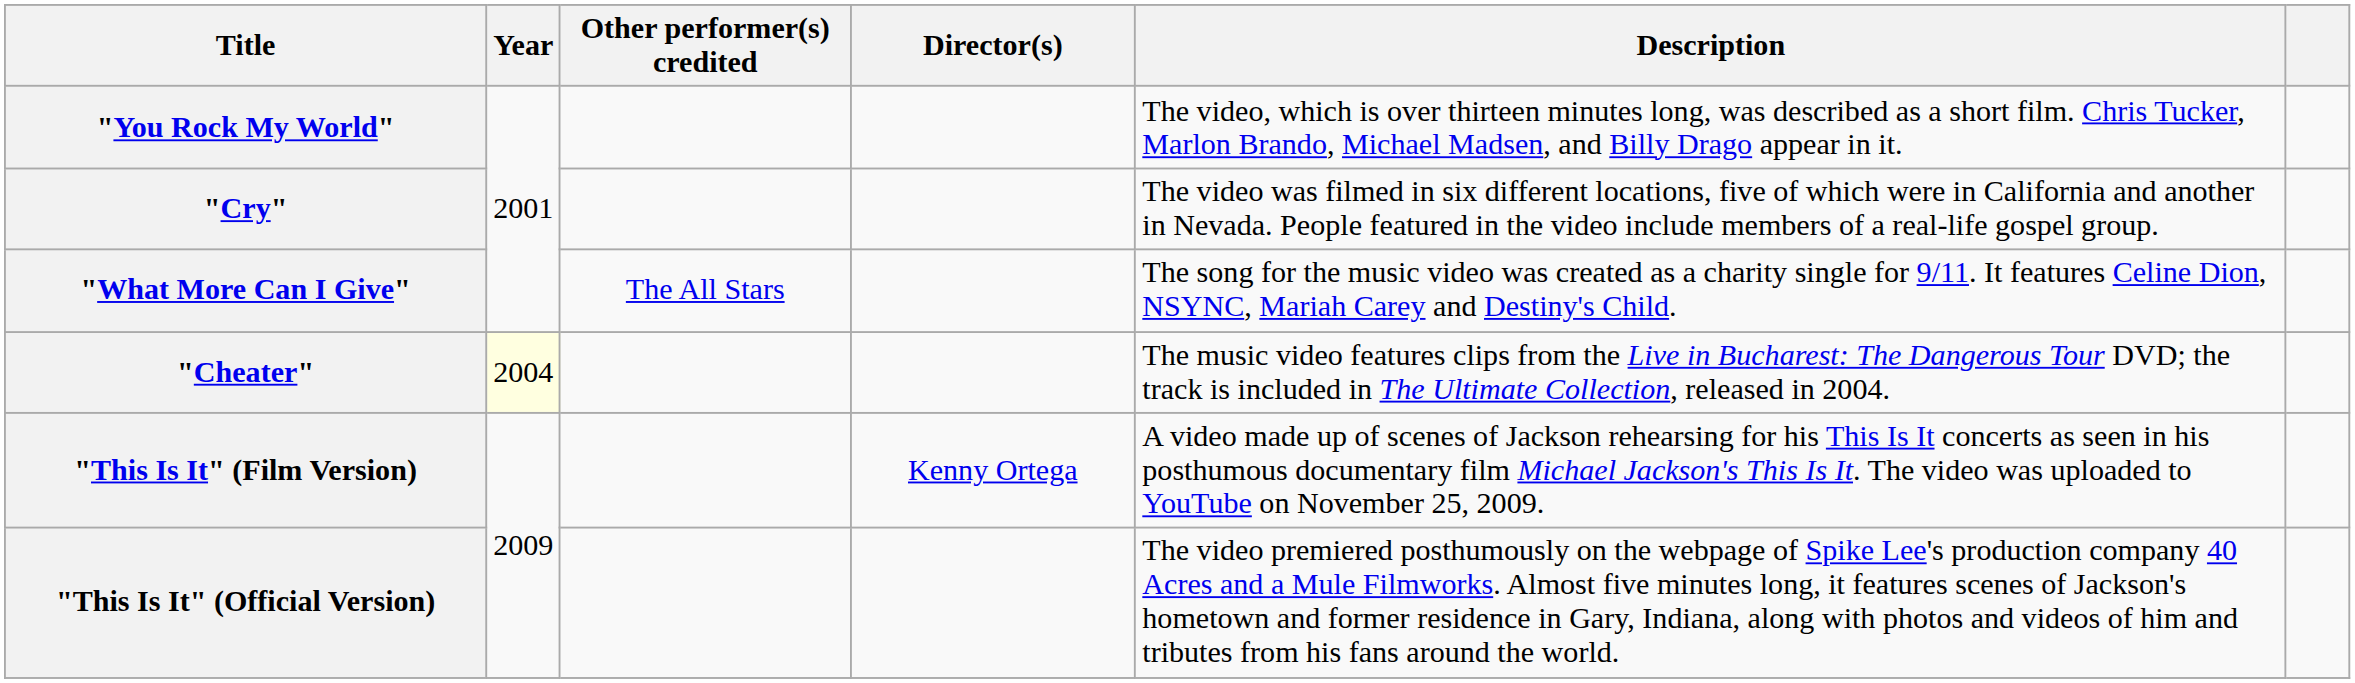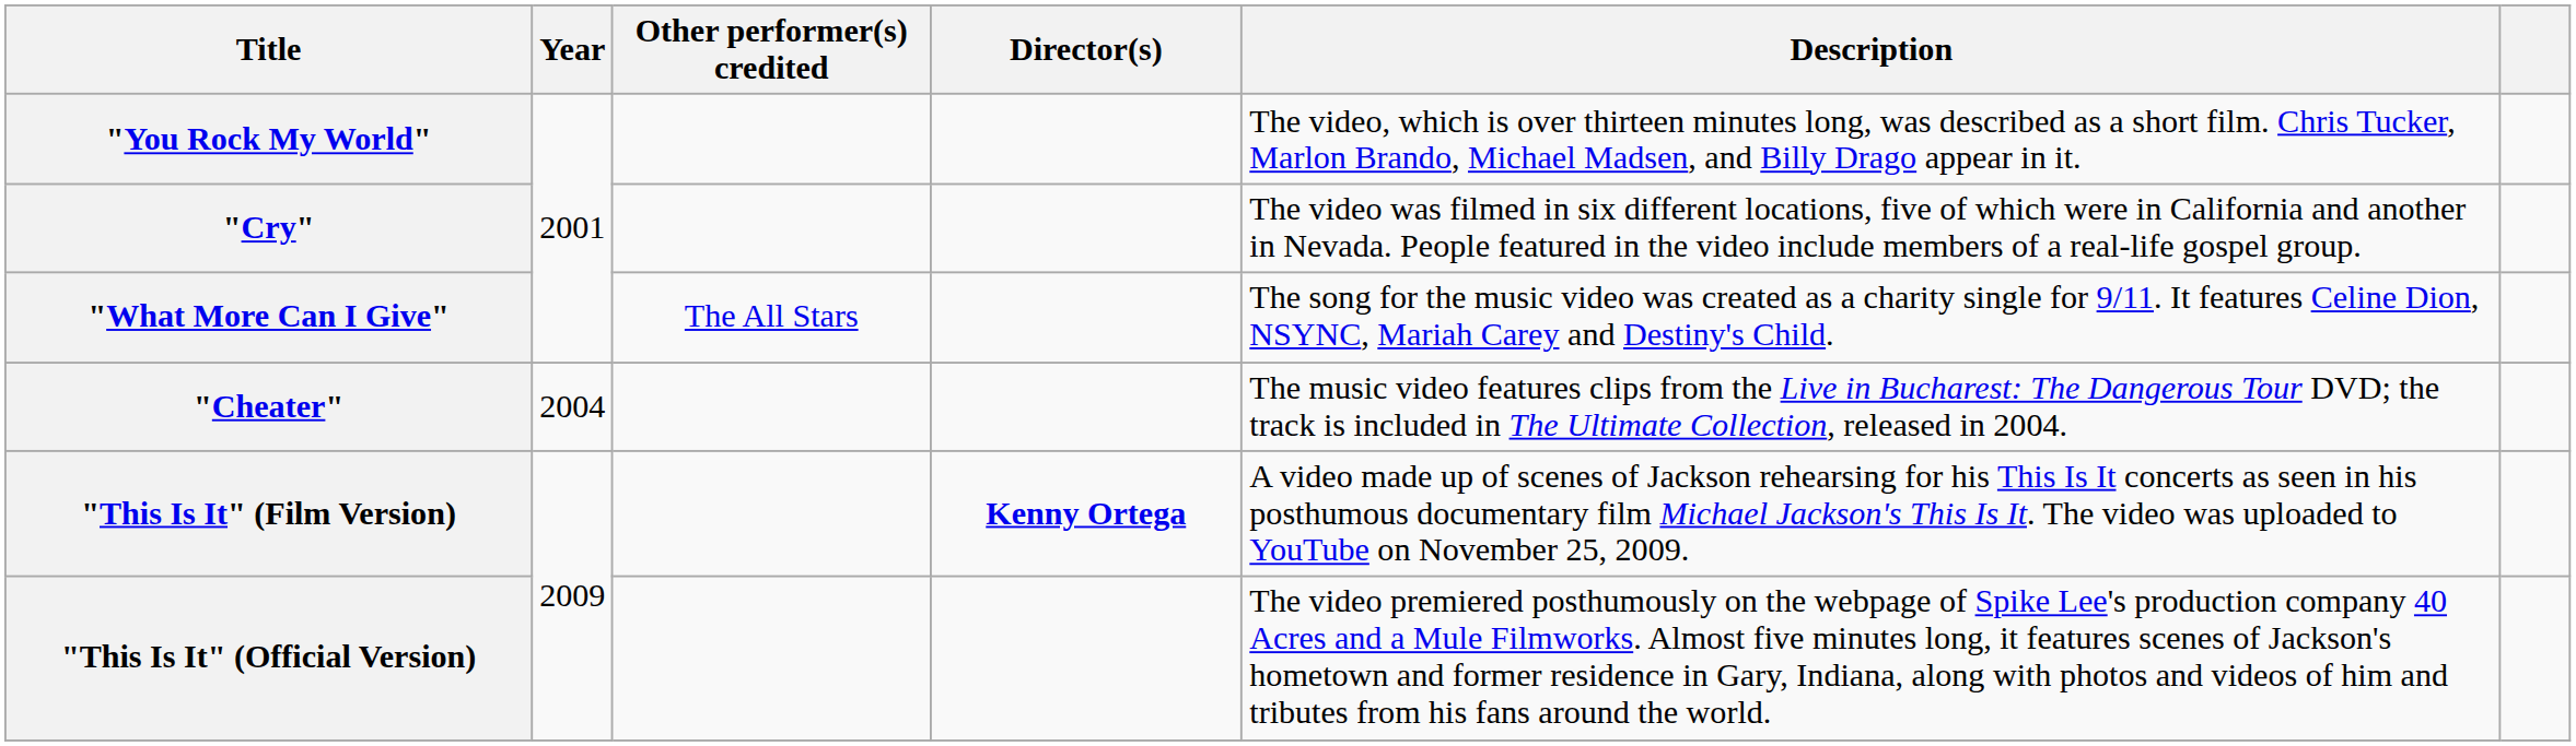 <table class="wikitable sortable plainrowheaders" style="text-align:center;">
 <tr>
 <th scope="col" style="width:18em;">Title</th>
 <th scope="col" style="width:2em;">Year</th>
 <th scope="col" style="width:10em;">Other performer(s) credited</th>
 <th scope="col" style="width:10em;">Director(s)</th>
 <th scope="col" style="width:45em;" class="unsortable">Description</th>
 <th scope="col" style="width:2em;" class="unsortable"></th>
 </tr>
 <tr>
 <th scope="row">"<a href='#'>You Rock My World</a>"</th>
 <td rowspan="3">2001</td>
 <td></td>
 <td></td>
 <td style="text-align:left;">The video, which is over thirteen minutes long, was described as a short film. <a href='#'>Chris Tucker</a>, <a href='#'>Marlon Brando</a>, <a href='#'>Michael Madsen</a>, and <a href='#'>Billy Drago</a> appear in it.</td>
 <td></td>
 </tr>
 <tr>
 <th scope="row">"<a href='#'>Cry</a>"</th>
 <td></td>
 <td></td>
 <td style="text-align:left;">The video was filmed in six different locations, five of which were in California and another in Nevada. People featured in the video include members of a real-life gospel group.</td>
 <td></td>
 </tr>
 <tr>
 <th scope="row">"<a href='#'>What More Can I Give</a>"</th>
 <td><a href='#'>The All Stars</a></td>
 <td></td>
 <td style="text-align:left;">The song for the music video was created as a charity single for <a href='#'>9/11</a>. It features <a href='#'>Celine Dion</a>, <a href='#'>NSYNC</a>, <a href='#'>Mariah Carey</a> and <a href='#'>Destiny's Child</a>.</td>
 <td></td>
 </tr>
 <tr>
 <th scope="row">"<a href='#'>Cheater</a>"</th>
-<td style="background: lightyellow;">2004</td>
+<td>2004</td>
 <td></td>
 <td></td>
 <td style="text-align:left;">The music video features clips from the <em><a href='#'>Live in Bucharest: The Dangerous Tour</a></em> DVD; the track is included in <em><a href='#'>The Ultimate Collection</a></em>, released in 2004.</td>
 <td></td>
 </tr>
 <tr>
 <th scope="row">"<a href='#'>This Is It</a>" (Film Version)</th>
 <td rowspan="2">2009</td>
 <td></td>
-<td><a href='#'>Kenny Ortega</a></td>
+<td><strong><a href='#'>Kenny Ortega</a></strong></td>
 <td style="text-align:left;">A video made up of scenes of Jackson rehearsing for his <a href='#'>This Is It</a> concerts as seen in his posthumous documentary film <em><a href='#'>Michael Jackson's This Is It</a></em>. The video was uploaded to <a href='#'>YouTube</a> on November 25, 2009.</td>
 <td></td>
 </tr>
 <tr>
 <th scope="row">"This Is It" (Official Version)</th>
 <td></td>
 <td></td>
 <td style="text-align:left;">The video premiered posthumously on the webpage of <a href='#'>Spike Lee</a>'s production company <a href='#'>40 Acres and a Mule Filmworks</a>. Almost five minutes long, it features scenes of Jackson's hometown and former residence in Gary, Indiana, along with photos and videos of him and tributes from his fans around the world.</td>
 <td></td>
 </tr>
 </table>
